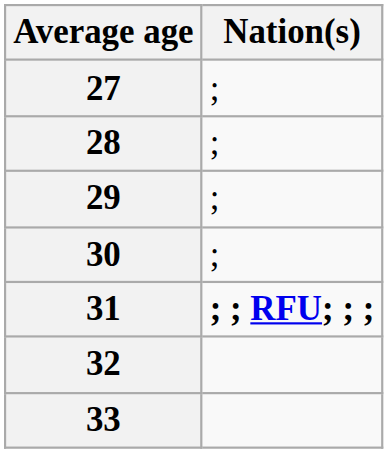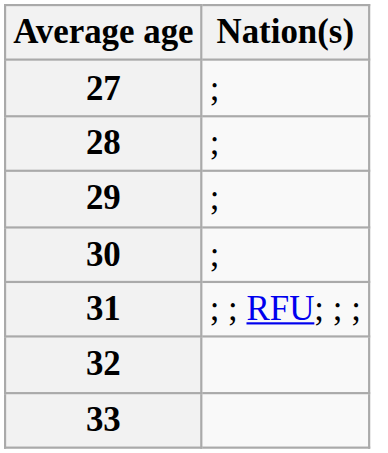 <table class="wikitable">
 <tr>
 <th>Average age</th>
 <th>Nation(s)</th>
 </tr>
 <tr>
 <th>27</th>
 <td>; </td>
 </tr>
 <tr>
 <th>28</th>
 <td>; </td>
 </tr>
 <tr>
 <th>29</th>
 <td>; </td>
 </tr>
 <tr>
 <th>30</th>
 <td>; </td>
 </tr>
 <tr>
 <th>31</th>
-<td><strong>; ; <a href='#'>RFU</a>; ; ; </strong></td>
+<td>; ; <a href='#'>RFU</a>; ; ; </td>
 </tr>
 <tr>
 <th>32</th>
 <td></td>
 </tr>
 <tr>
 <th>33</th>
 <td></td>
 </tr>
 </table>
